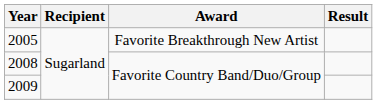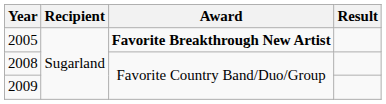 <table class="wikitable" style="text-align:center">
 <tr>
 <th>Year</th>
 <th>Recipient</th>
 <th>Award</th>
 <th>Result</th>
 </tr>
 <tr>
 <td>2005</td>
 <td rowspan="3">Sugarland</td>
-<td>Favorite Breakthrough New Artist</td>
+<td><strong>Favorite Breakthrough New Artist</strong></td>
 <td></td>
 </tr>
 <tr>
 <td>2008</td>
 <td rowspan="2">Favorite Country Band/Duo/Group</td>
 <td></td>
 </tr>
 <tr>
 <td>2009</td>
 <td></td>
 </tr>
 </table>
